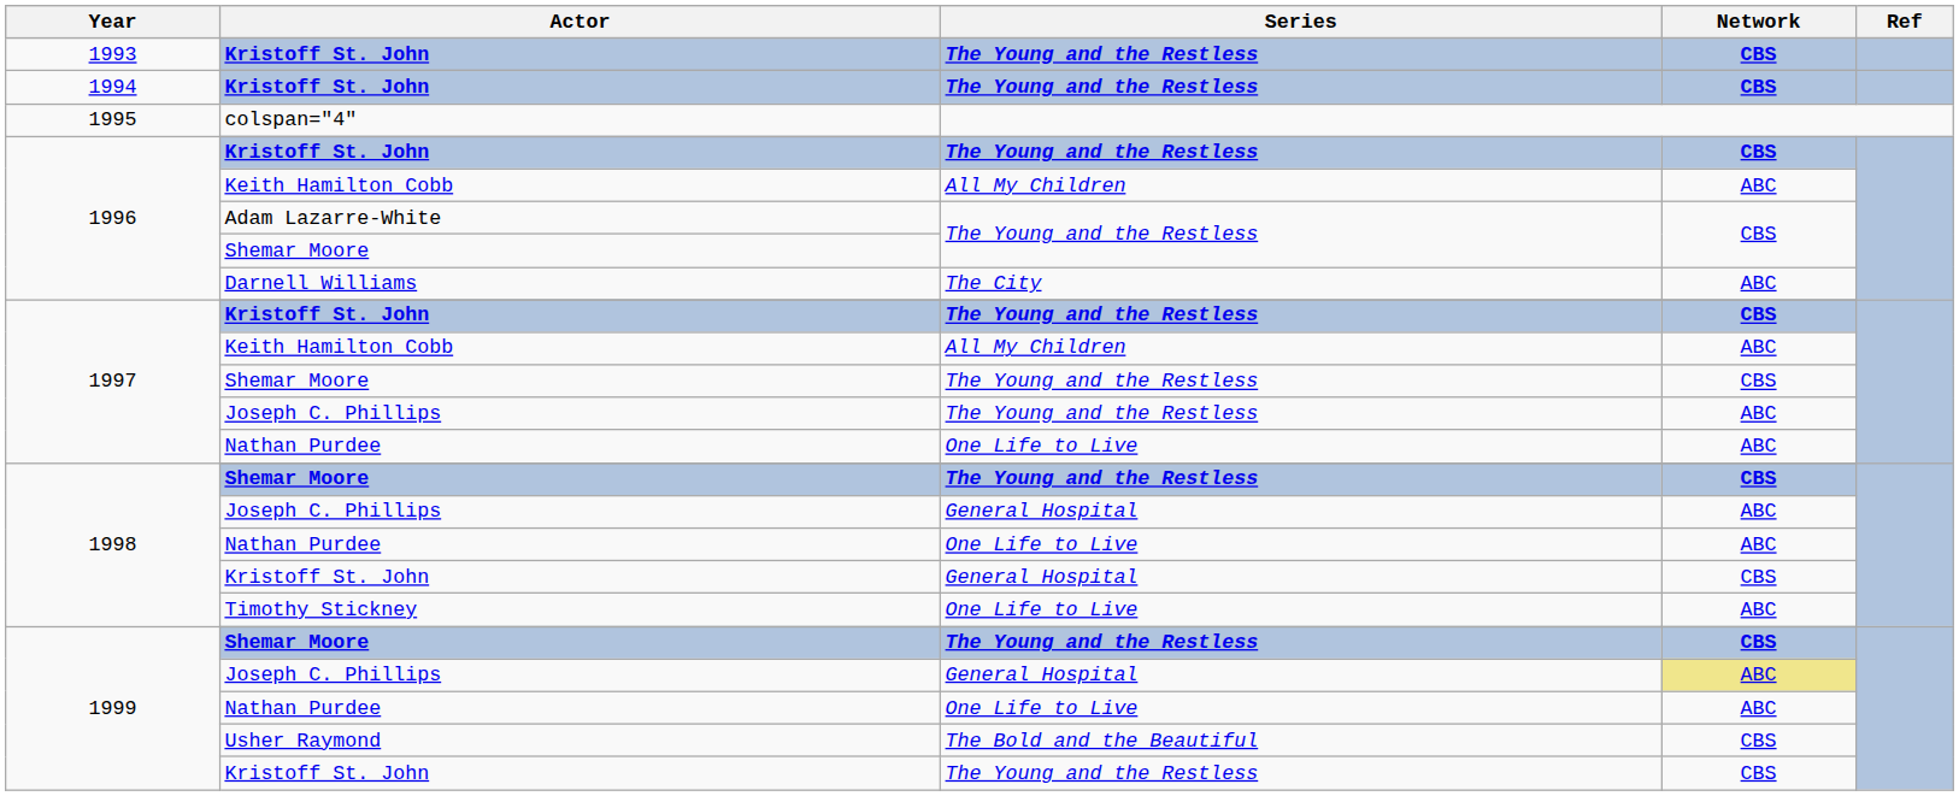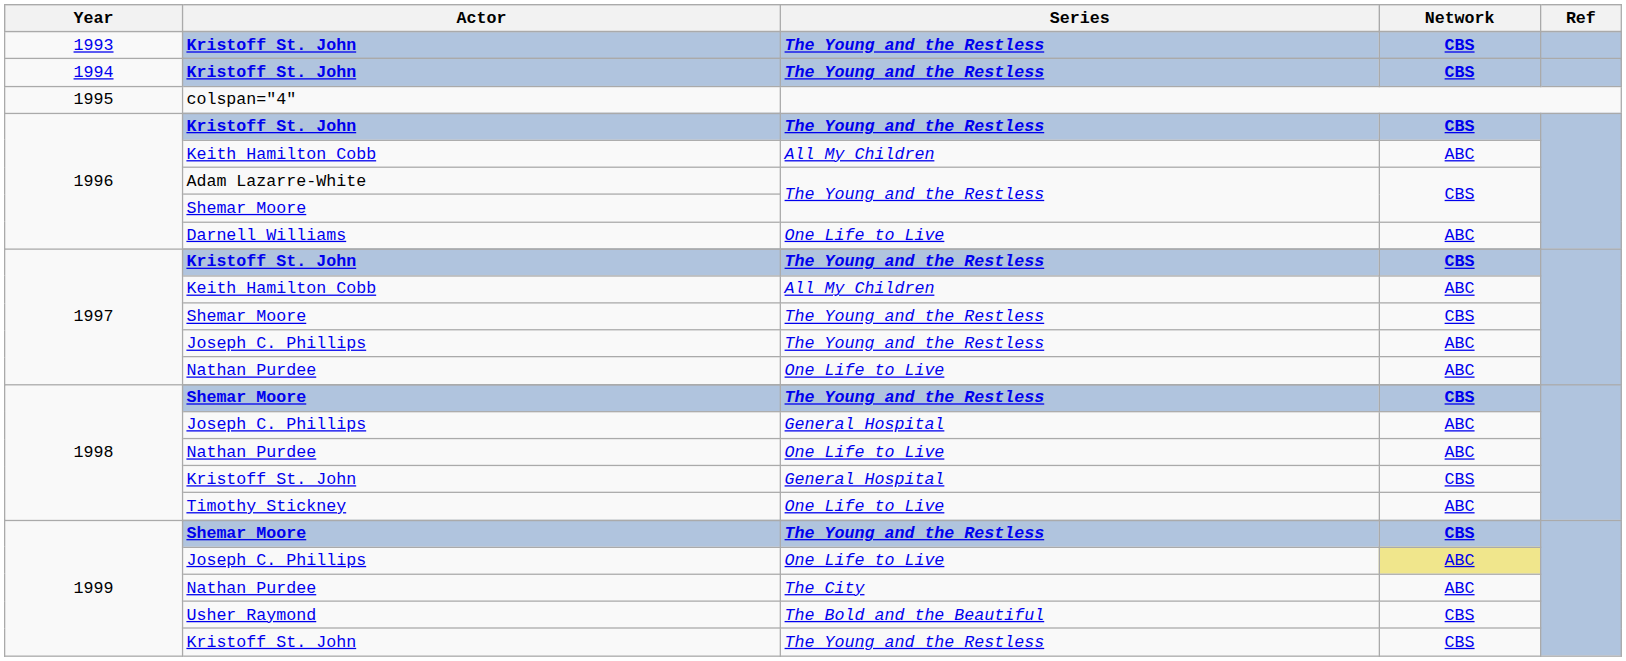 <table class="wikitable" style="width:100%;">
 <tr style="background:#bebebe;">
 <th style="width:11%;">Year</th>
 <th style="width:37%;">Actor</th>
 <th style="width:37%;">Series</th>
 <th style="width:10%;">Network</th>
 <th style="width:5%;">Ref</th>
 </tr>
 <tr>
 <td rowspan="2" align="center"><a href='#'>1993</a></td>
 </tr>
 <tr style="background:#B0C4DE">
 <td><strong><a href='#'>Kristoff St. John</a></strong></td>
 <td><strong><em><a href='#'>The Young and the Restless</a></em></strong></td>
 <td align="center"><strong><a href='#'>CBS</a></strong></td>
 <td rowspan="2" align="center"></td>
 </tr>
 <tr>
 <td rowspan="2" align="center"><a href='#'>1994</a></td>
 </tr>
 <tr style="background:#B0C4DE">
 <td><strong><a href='#'>Kristoff St. John</a></strong></td>
 <td><strong><em><a href='#'>The Young and the Restless</a></em></strong></td>
 <td align="center"><strong><a href='#'>CBS</a></strong></td>
 <td align="center"></td>
 </tr>
 <tr>
 <td align="center">1995</td>
 <td>colspan="4" </td>
 </tr>
 <tr>
 <td rowspan="6" align="center">1996</td>
 </tr>
 <tr style="background:#B0C4DE">
 <td><strong><a href='#'>Kristoff St. John</a></strong></td>
 <td><strong><em><a href='#'>The Young and the Restless</a></em></strong></td>
 <td align="center"><strong><a href='#'>CBS</a></strong></td>
 <td rowspan="6" align="center"></td>
 </tr>
 <tr>
 <td><a href='#'>Keith Hamilton Cobb</a></td>
 <td><em><a href='#'>All My Children</a></em></td>
 <td align="center"><a href='#'>ABC</a></td>
 </tr>
 <tr>
 <td>Adam Lazarre-White</td>
 <td rowspan="2"><em><a href='#'>The Young and the Restless</a></em></td>
 <td rowspan="2" align="center"><a href='#'>CBS</a></td>
 </tr>
 <tr>
 <td><a href='#'>Shemar Moore</a></td>
 </tr>
 <tr>
 <td><a href='#'>Darnell Williams</a></td>
-<td><em><a href='#'>The City</a></em></td>
+<td><em><a href='#'>One Life to Live</a></em></td>
 <td align="center"><a href='#'>ABC</a></td>
 </tr>
 <tr>
 <td rowspan="6" align="center">1997</td>
 </tr>
 <tr style="background:#B0C4DE">
 <td><strong><a href='#'>Kristoff St. John</a></strong></td>
 <td><strong><em><a href='#'>The Young and the Restless</a></em></strong></td>
 <td align="center"><strong><a href='#'>CBS</a></strong></td>
 <td rowspan="6" align="center"></td>
 </tr>
 <tr>
 <td><a href='#'>Keith Hamilton Cobb</a></td>
 <td><em><a href='#'>All My Children</a></em></td>
 <td align="center"><a href='#'>ABC</a></td>
 </tr>
 <tr>
 <td><a href='#'>Shemar Moore</a></td>
 <td><em><a href='#'>The Young and the Restless</a></em></td>
 <td align="center"><a href='#'>CBS</a></td>
 </tr>
 <tr>
 <td><a href='#'>Joseph C. Phillips</a></td>
 <td><em><a href='#'>The Young and the Restless</a></em></td>
 <td align="center"><a href='#'>ABC</a></td>
 </tr>
 <tr>
 <td><a href='#'>Nathan Purdee</a></td>
 <td><em><a href='#'>One Life to Live</a></em></td>
 <td align="center"><a href='#'>ABC</a></td>
 </tr>
 <tr>
 <td rowspan="6" align="center">1998</td>
 </tr>
 <tr style="background:#B0C4DE">
 <td><strong><a href='#'>Shemar Moore</a></strong></td>
 <td><strong><em><a href='#'>The Young and the Restless</a></em></strong></td>
 <td align="center"><strong><a href='#'>CBS</a></strong></td>
 <td rowspan="6" align="center"></td>
 </tr>
 <tr>
 <td><a href='#'>Joseph C. Phillips</a></td>
 <td><em><a href='#'>General Hospital</a></em></td>
 <td align="center"><a href='#'>ABC</a></td>
 </tr>
 <tr>
 <td><a href='#'>Nathan Purdee</a></td>
 <td><em><a href='#'>One Life to Live</a></em></td>
 <td align="center"><a href='#'>ABC</a></td>
 </tr>
 <tr>
 <td><a href='#'>Kristoff St. John</a></td>
 <td><em><a href='#'>General Hospital</a></em></td>
 <td align="center"><a href='#'>CBS</a></td>
 </tr>
 <tr>
 <td><a href='#'>Timothy Stickney</a></td>
 <td><em><a href='#'>One Life to Live</a></em></td>
 <td align="center"><a href='#'>ABC</a></td>
 </tr>
 <tr>
 <td rowspan="6" align="center">1999</td>
 </tr>
 <tr style="background:#B0C4DE">
 <td><strong><a href='#'>Shemar Moore</a></strong></td>
 <td><strong><em><a href='#'>The Young and the Restless</a></em></strong></td>
 <td align="center"><strong><a href='#'>CBS</a></strong></td>
 <td rowspan="5" align="center"></td>
 </tr>
 <tr>
 <td><a href='#'>Joseph C. Phillips</a></td>
-<td><em><a href='#'>General Hospital</a></em></td>
+<td><em><a href='#'>One Life to Live</a></em></td>
 <td align="center" style="background: khaki;"><a href='#'>ABC</a></td>
 </tr>
 <tr>
 <td><a href='#'>Nathan Purdee</a></td>
-<td><em><a href='#'>One Life to Live</a></em></td>
+<td><em><a href='#'>The City</a></em></td>
 <td align="center"><a href='#'>ABC</a></td>
 </tr>
 <tr>
 <td><a href='#'>Usher Raymond</a></td>
 <td><em><a href='#'>The Bold and the Beautiful</a></em></td>
 <td align="center"><a href='#'>CBS</a></td>
 </tr>
 <tr>
 <td><a href='#'>Kristoff St. John</a></td>
 <td><em><a href='#'>The Young and the Restless</a></em></td>
 <td align="center"><a href='#'>CBS</a></td>
 </tr>
 </table>
